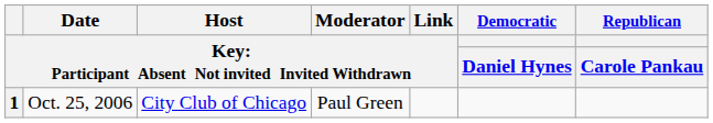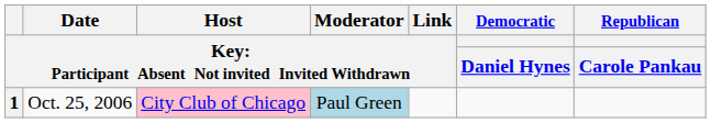 <table class="wikitable" style="text-align:center;">
 <tr>
 <th scope="col"></th>
 <th scope="col">Date</th>
 <th scope="col">Host</th>
 <th scope="col">Moderator</th>
 <th scope="col">Link</th>
 <th scope="col"><small><a href='#'>Democratic</a></small></th>
 <th scope="col"><small><a href='#'>Republican</a></small></th>
 </tr>
 <tr>
 <th colspan="5" rowspan="2">Key:<br> <small>Participant </small>  <small>Absent </small>  <small>Not invited </small>  <small>Invited  Withdrawn</small></th>
 <th scope="col" style="background:"></th>
 <th scope="col" style="background:"></th>
 </tr>
 <tr>
 <th scope="col"><a href='#'>Daniel Hynes</a></th>
 <th scope="col"><a href='#'>Carole Pankau</a></th>
 </tr>
 <tr>
 <th>1</th>
 <td style="white-space:nowrap;">Oct. 25, 2006</td>
-<td style="white-space:nowrap;"><a href='#'>City Club of Chicago</a></td>
-<td style="white-space:nowrap;">Paul Green</td>
+<td style="background: pink; white-space:nowrap;"><a href='#'>City Club of Chicago</a></td>
+<td style="background: lightblue; white-space:nowrap;">Paul Green</td>
 <td style="white-space:nowrap;"></td>
 <td></td>
 <td></td>
 </tr>
 </table>
